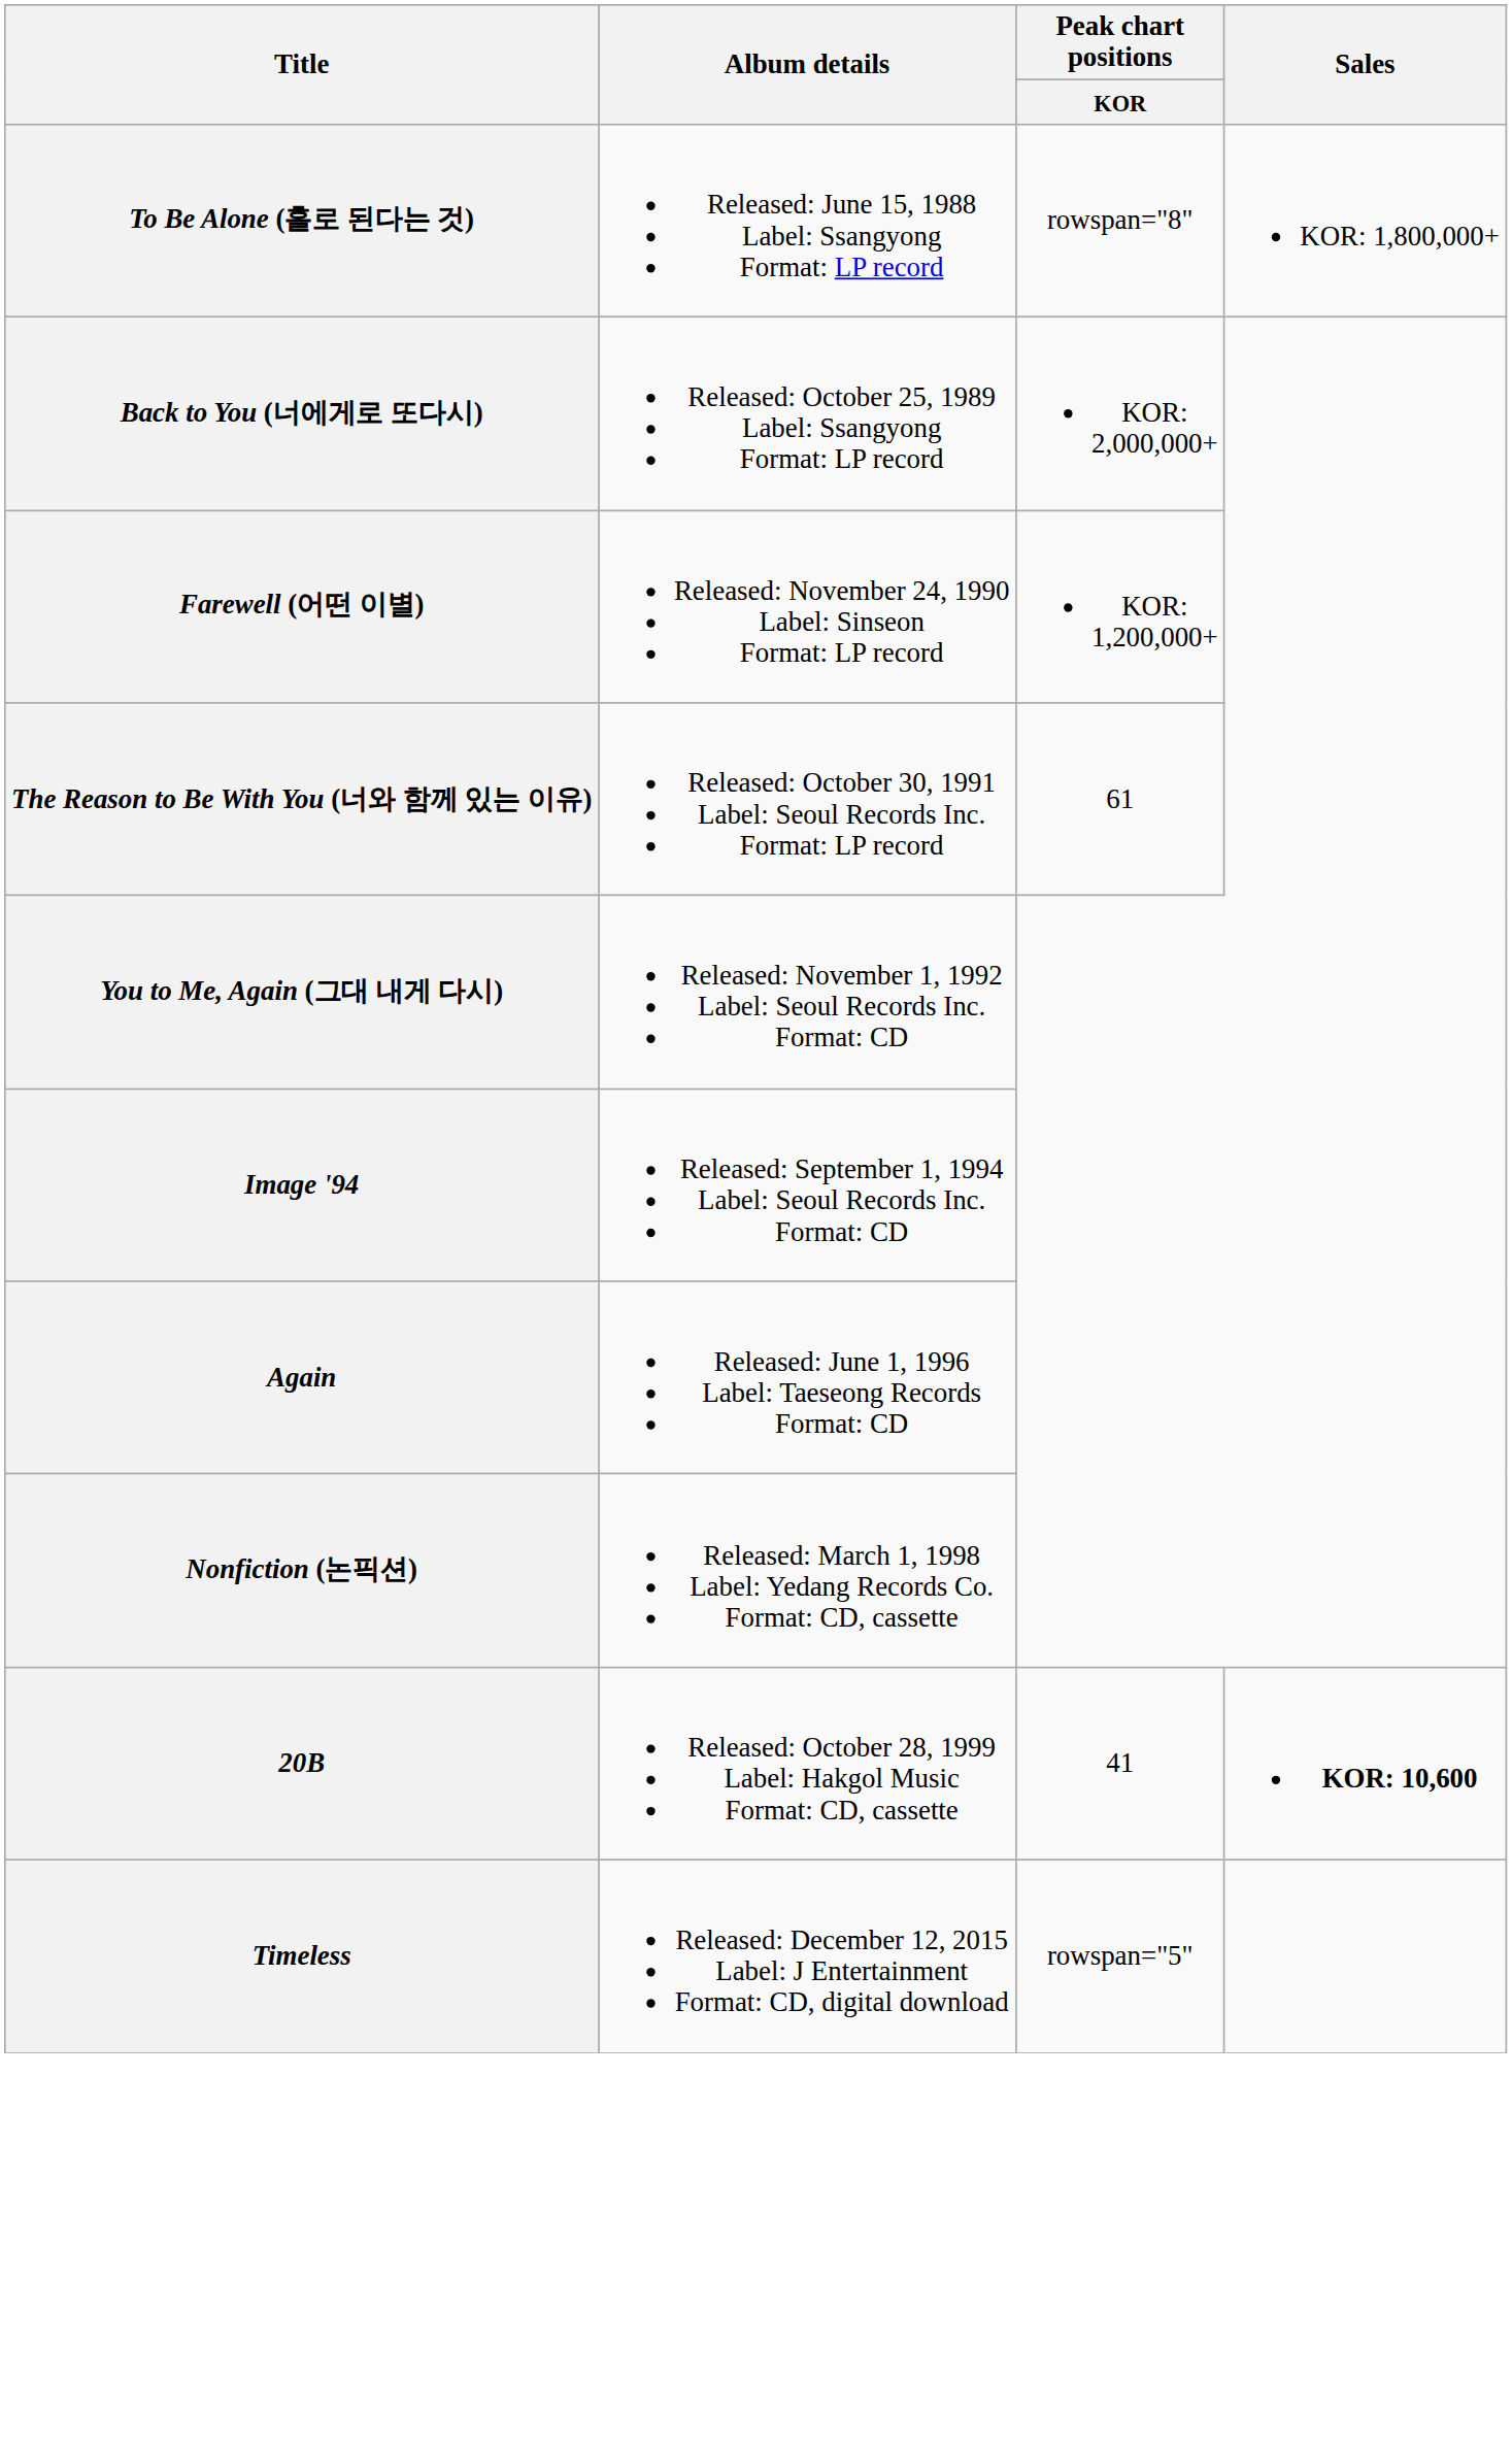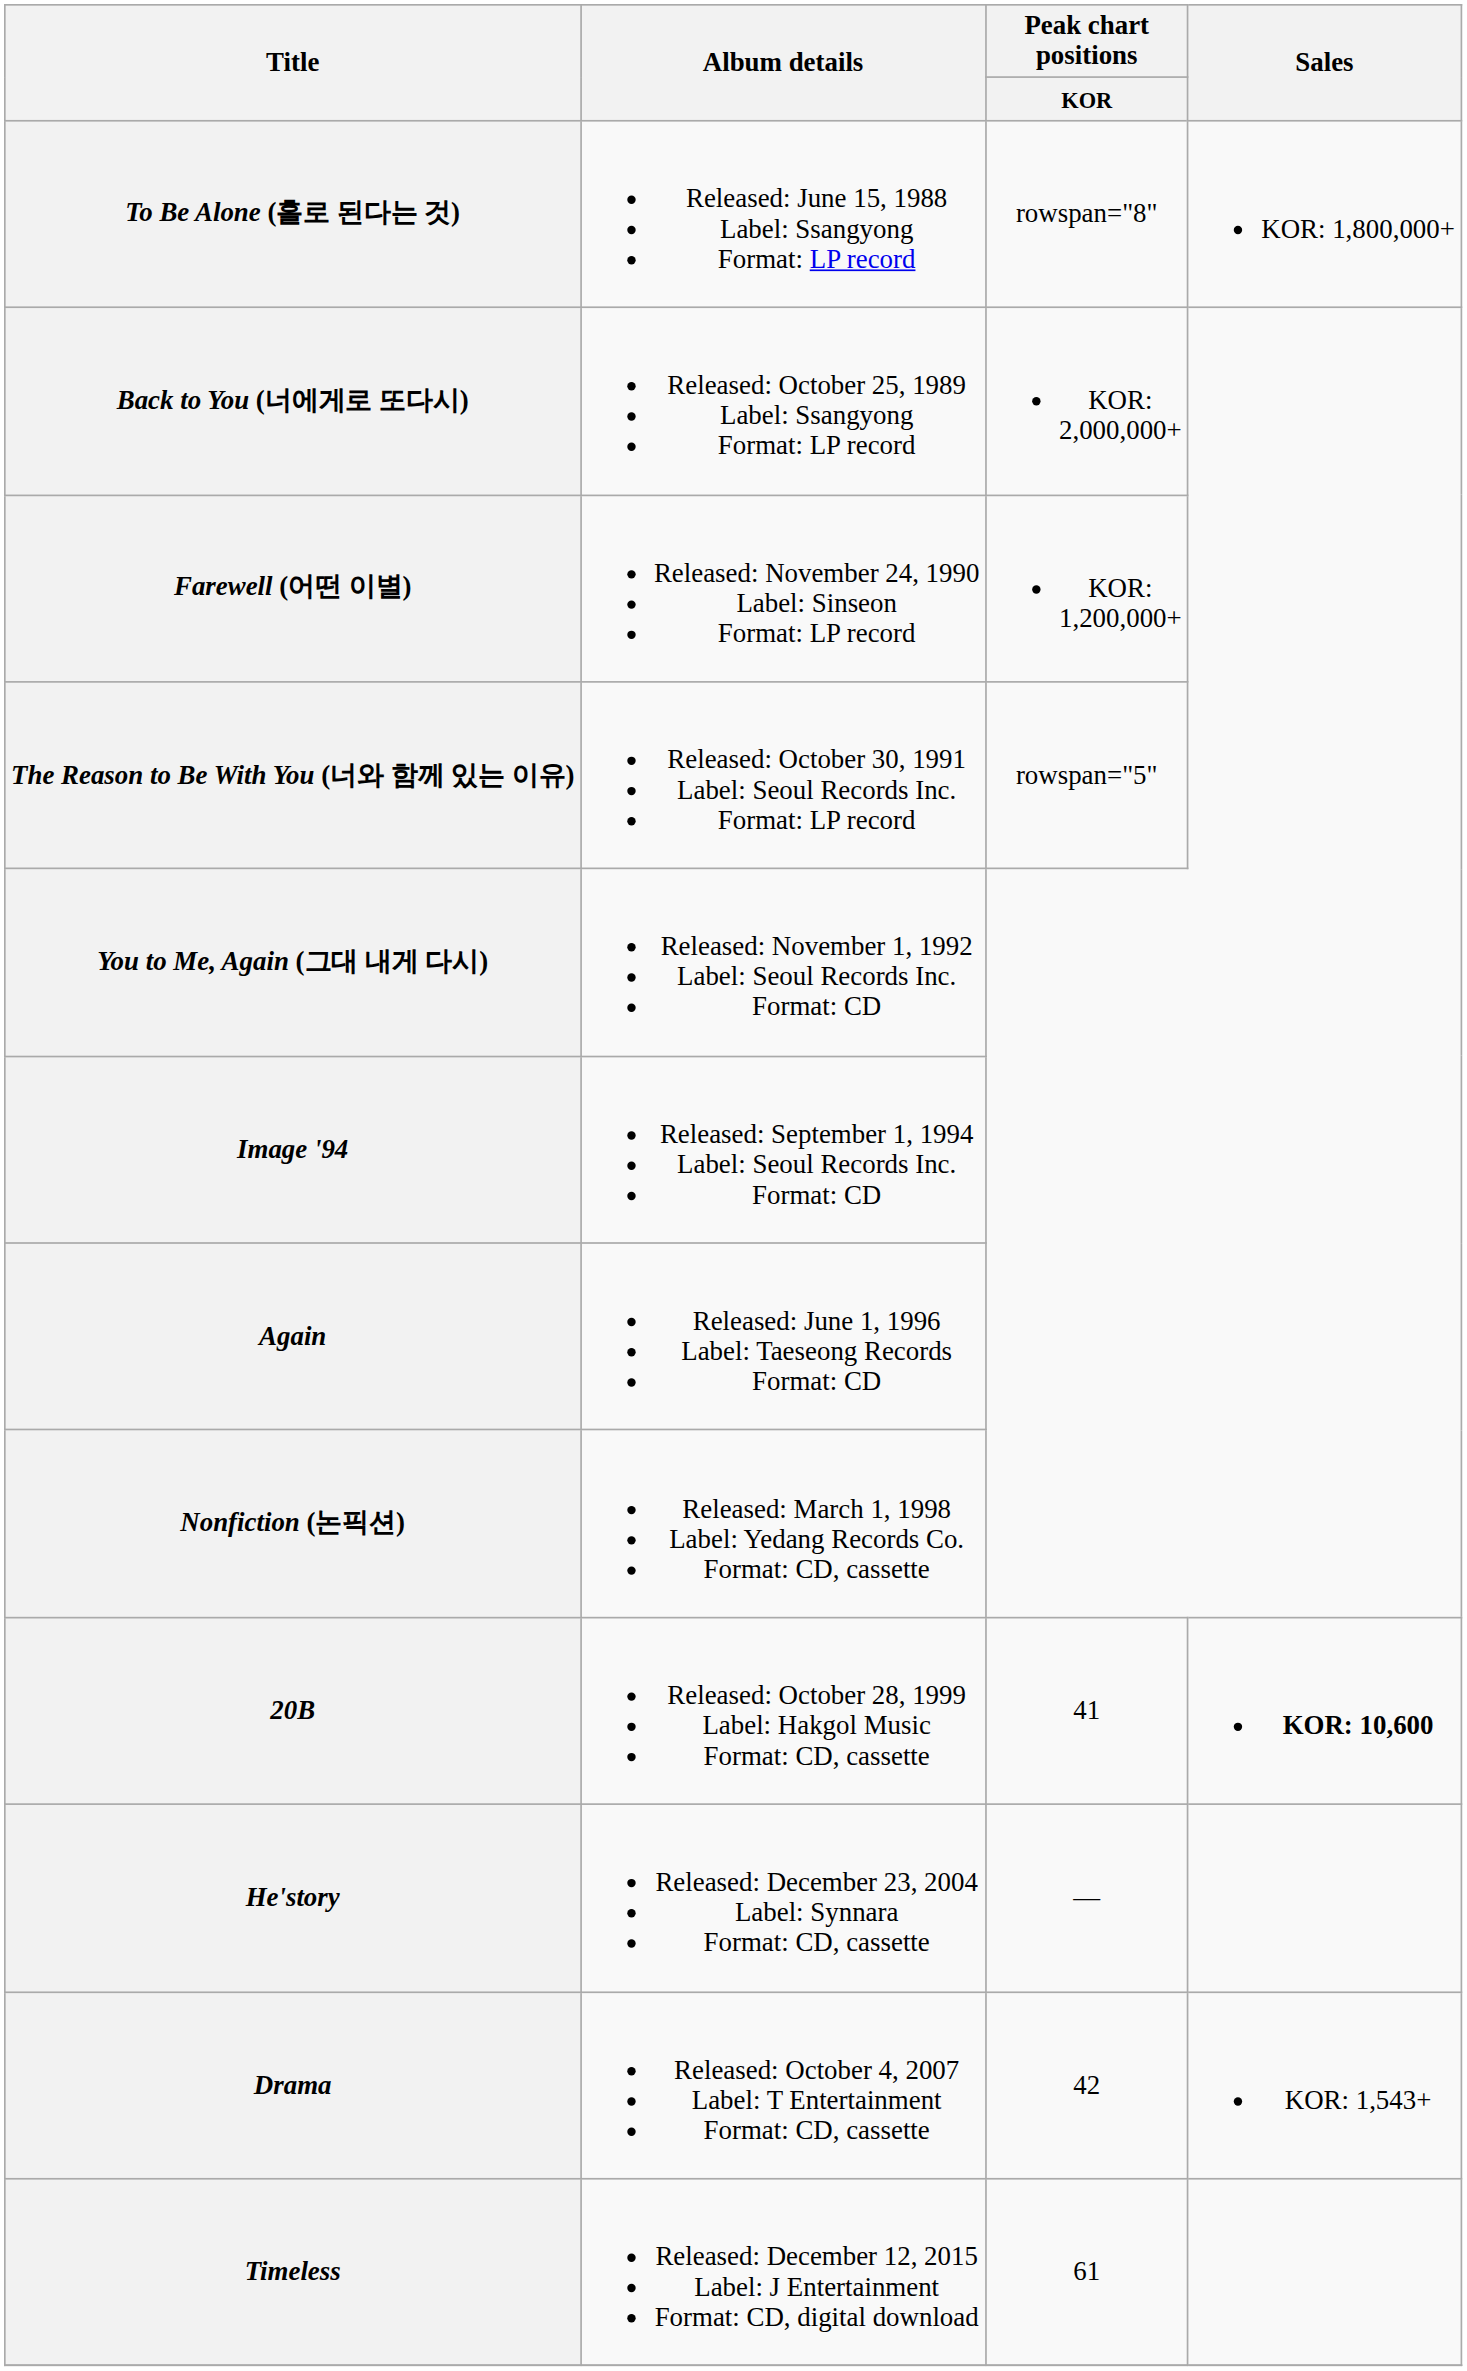 <table class="wikitable plainrowheaders" style="text-align:center;">
 <tr>
 <th scope="col" rowspan="2">Title</th>
 <th scope="col" rowspan="2">Album details</th>
 <th scope="col" colspan="1" style="width:5em;">Peak chart positions</th>
 <th scope="col" rowspan="2">Sales</th>
 </tr>
 <tr>
 <th><small>KOR</small><br></th>
 </tr>
 <tr>
 <th scope="row"><em>To Be Alone</em> (홀로 된다는 것)</th>
 <td><br><ul><li>Released: June 15, 1988</li><li>Label: Ssangyong</li><li>Format: <a href='#'>LP record</a></li></ul></td>
 <td>rowspan="8" </td>
 <td><br><ul><li>KOR: 1,800,000+</li></ul></td>
 </tr>
 <tr>
 <th scope="row"><em>Back to You</em> (너에게로 또다시)</th>
 <td><br><ul><li>Released: October 25, 1989</li><li>Label: Ssangyong</li><li>Format: LP record</li></ul></td>
 <td><br><ul><li>KOR: 2,000,000+</li></ul></td>
 </tr>
 <tr>
 <th scope="row"><em>Farewell</em> (어떤 이별)</th>
 <td><br><ul><li>Released: November 24, 1990</li><li>Label: Sinseon</li><li>Format: LP record</li></ul></td>
 <td><br><ul><li>KOR: 1,200,000+</li></ul></td>
 </tr>
 <tr>
 <th scope="row"><em>The Reason to Be With You</em> (너와 함께 있는 이유)</th>
 <td><br><ul><li>Released: October 30, 1991</li><li>Label: Seoul Records Inc.</li><li>Format: LP record</li></ul></td>
-<td>61</td>
+<td>rowspan="5" </td>
 </tr>
 <tr>
 <th scope="row"><em>You to Me, Again</em> (그대 내게 다시)</th>
 <td><br><ul><li>Released: November 1, 1992</li><li>Label: Seoul Records Inc.</li><li>Format: CD</li></ul></td>
 </tr>
 <tr>
 <th scope="row"><em>Image '94</em></th>
 <td><br><ul><li>Released: September 1, 1994</li><li>Label: Seoul Records Inc.</li><li>Format: CD</li></ul></td>
 </tr>
 <tr>
 <th scope="row"><em>Again</em></th>
 <td><br><ul><li>Released: June 1, 1996</li><li>Label: Taeseong Records</li><li>Format: CD</li></ul></td>
 </tr>
 <tr>
 <th scope="row"><em>Nonfiction</em> (논픽션)</th>
 <td><br><ul><li>Released: March 1, 1998</li><li>Label: Yedang Records Co.</li><li>Format: CD, cassette</li></ul></td>
 </tr>
 <tr>
 <th scope="row"><em>20B</em></th>
 <td><br><ul><li>Released: October 28, 1999</li><li>Label: Hakgol Music</li><li>Format: CD, cassette</li></ul></td>
 <td>41</td>
 <td><strong><br><ul><li>KOR: 10,600</li></ul></strong></td>
 </tr>
 <tr>
+<th scope="row"><em>He'story</em></th>
+<td><br><ul><li>Released: December 23, 2004</li><li>Label: Synnara</li><li>Format: CD, cassette</li></ul></td>
+<td>—</td>
+<td></td>
+</tr>
+<tr>
+<th scope="row"><em>Drama</em></th>
+<td><br><ul><li>Released: October 4, 2007</li><li>Label: T Entertainment</li><li>Format: CD, cassette</li></ul></td>
+<td>42</td>
+<td><br><ul><li>KOR: 1,543+</li></ul></td>
+</tr>
+<tr>
 <th scope="row"><em>Timeless</em></th>
 <td><br><ul><li>Released: December 12, 2015</li><li>Label: J Entertainment</li><li>Format: CD, digital download</li></ul></td>
-<td>rowspan="5" </td>
+<td>61</td>
 <td></td>
 </tr>
 <tr>
 </tr>
 </table>
